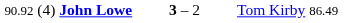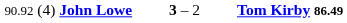 <table style="text-align:center">
 <tr>
 <th width=223></th>
 <th width=100></th>
 <th width=223></th>
 </tr>
 <tr>
 <td align=right><small>90.92</small> (4) <strong><a href='#'>John Lowe</a></strong> </td>
 <td><strong>3</strong> – 2</td>
-<td align=left> <a href='#'>Tom Kirby</a> <small>86.49</small></td>
+<td align=left><strong> <a href='#'>Tom Kirby</a> <small>86.49</small></strong></td>
 </tr>
 </table>
